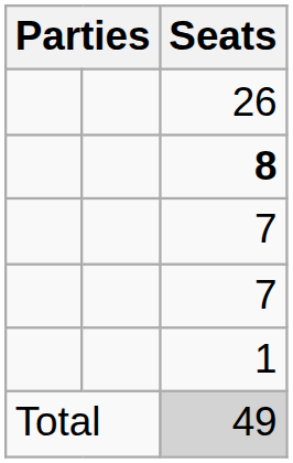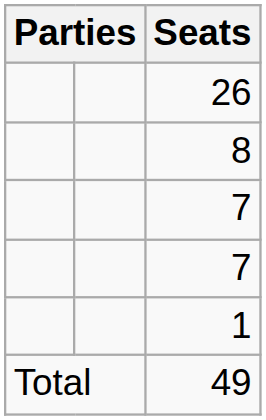 <table class="wikitable" style="text-align:left;">
 <tr>
 <th colspan="2" style="text-align:left;">Parties</th>
 <th>Seats</th>
 </tr>
 <tr>
 <td></td>
 <td></td>
 <td style="text-align:right;">26</td>
 </tr>
 <tr>
 <td></td>
 <td></td>
-<td style="text-align:right;"><strong>8</strong></td>
+<td style="text-align:right;">8</td>
 </tr>
 <tr>
 <td></td>
 <td></td>
 <td style="text-align:right;">7</td>
 </tr>
 <tr>
 <td></td>
 <td></td>
 <td style="text-align:right;">7</td>
 </tr>
 <tr>
 <td></td>
 <td></td>
 <td style="text-align:right;">1</td>
 </tr>
 <tr>
 <td colspan="2" style="text-align:left;">Total</td>
-<td style="background: lightgrey; text-align:right;">49</td>
+<td style="text-align:right;">49</td>
 </tr>
 </table>
